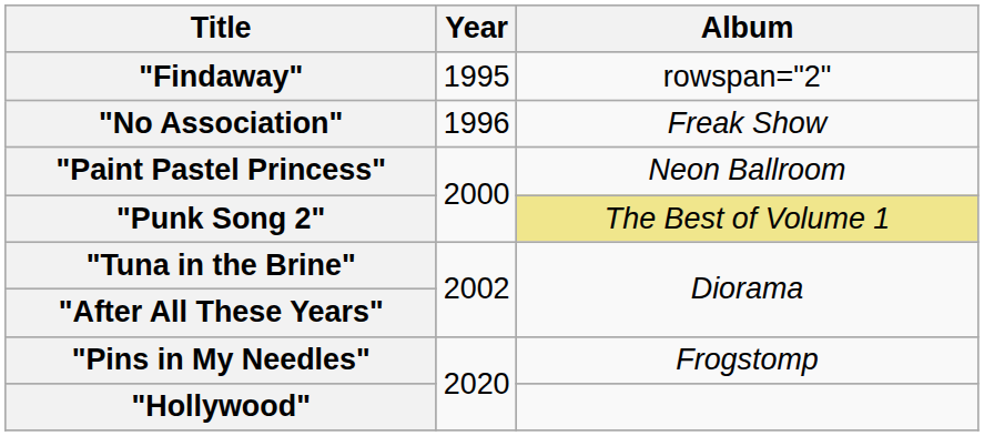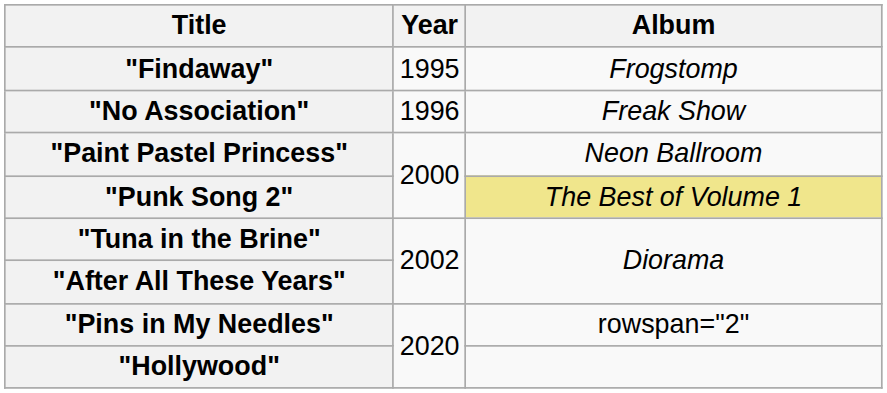 <table class="wikitable plainrowheaders" style="text-align:center">
 <tr>
 <th scope="col" style="width:14em;">Title</th>
 <th scope="col" colspan="1">Year</th>
 <th scope="col" style="width:15em;">Album</th>
 </tr>
 <tr>
 <th scope="row">"Findaway"</th>
 <td>1995</td>
-<td>rowspan="2" </td>
+<td><em>Frogstomp</em></td>
 </tr>
 <tr>
 <th scope="row">"No Association"</th>
 <td>1996</td>
 <td><em>Freak Show</em></td>
 </tr>
 <tr>
 <th scope="row">"Paint Pastel Princess"</th>
 <td rowspan="2">2000</td>
 <td><em>Neon Ballroom</em></td>
 </tr>
 <tr>
 <th scope="row">"Punk Song 2"</th>
 <td style="background: khaki;"><em>The Best of Volume 1</em></td>
 </tr>
 <tr>
 <th scope="row">"Tuna in the Brine"</th>
 <td rowspan="2">2002</td>
 <td rowspan="2"><em>Diorama</em></td>
 </tr>
 <tr>
 <th scope="row">"After All These Years"</th>
 </tr>
 <tr>
 <th scope="row">"Pins in My Needles"</th>
 <td rowspan="2">2020</td>
-<td><em>Frogstomp</em></td>
+<td>rowspan="2" </td>
 </tr>
 <tr>
 <th scope="row">"Hollywood"</th>
 </tr>
 </table>
